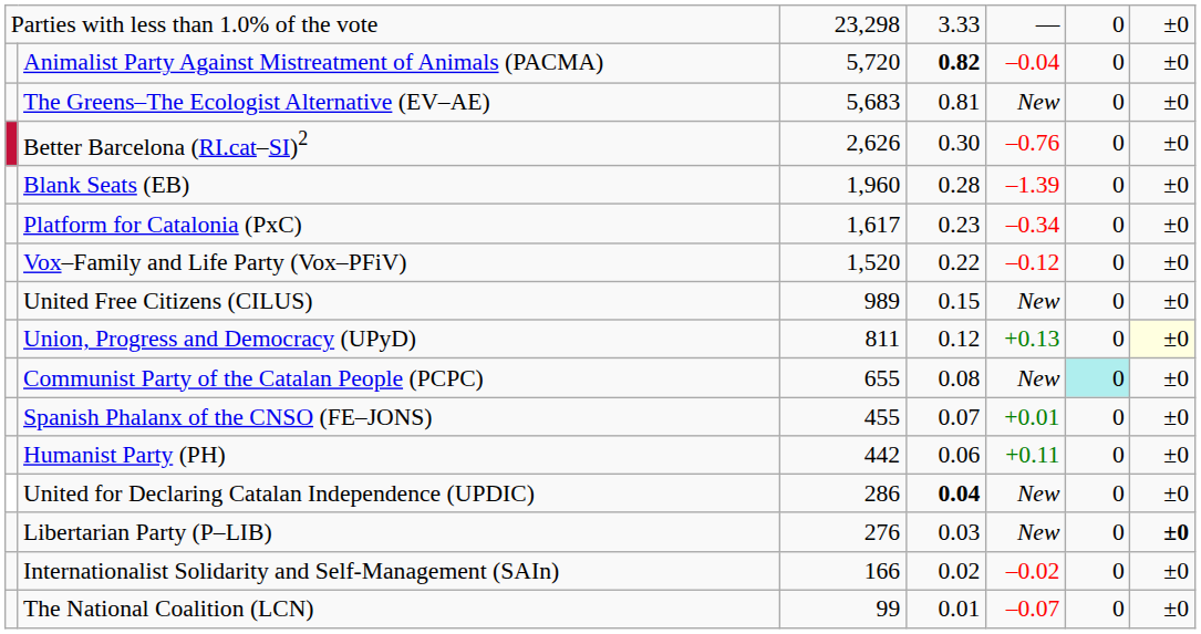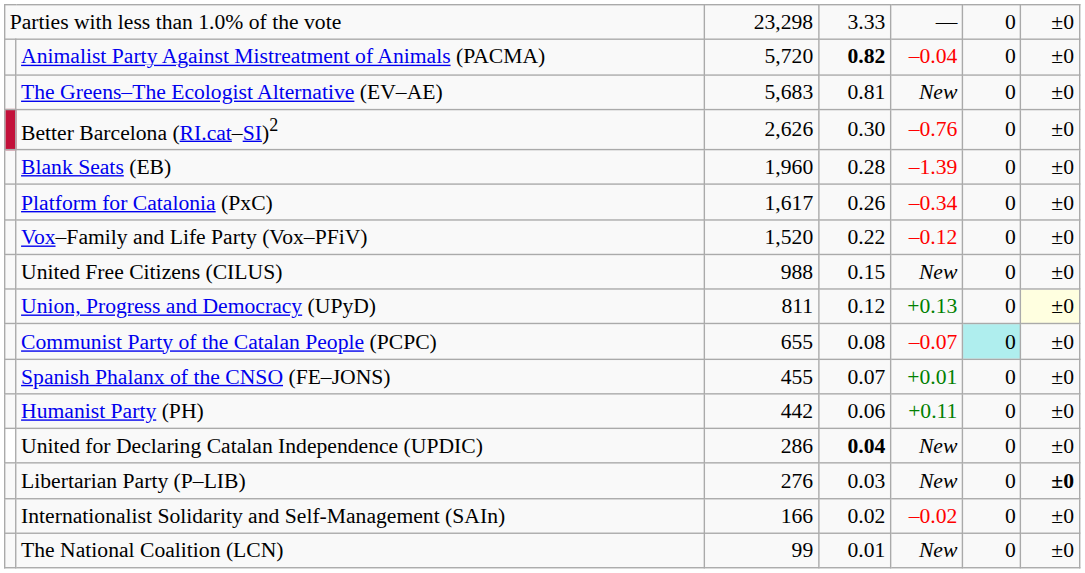 <table class="wikitable collapsible collapsed" style="text-align:right; font-size:98%; border:0px; margin-top:-1px; margin-bottom:0">
 <tr>
 <th style="text-align:left; font-weight:normal; background:#F9F9F9" colspan="2" width="500">Parties with less than 1.0% of the vote</th>
 <td width="75">23,298</td>
 <td width="45">3.33</td>
 <td width="45">—</td>
 <td width="35">0</td>
 <td width="35">±0</td>
 </tr>
 <tr>
 <td width="1" style="color:inherit;background:"></td>
 <td align="left"><a href='#'>Animalist Party Against Mistreatment of Animals</a> (PACMA)</td>
 <td>5,720</td>
 <td><strong>0.82</strong></td>
 <td style="color:red;">–0.04</td>
 <td>0</td>
 <td>±0</td>
 </tr>
 <tr>
 <td style="color:inherit;background:"></td>
 <td align="left"><a href='#'>The Greens–The Ecologist Alternative</a> (EV–AE)</td>
 <td>5,683</td>
 <td>0.81</td>
 <td><em>New</em></td>
 <td>0</td>
 <td>±0</td>
 </tr>
 <tr>
 <td style="color:inherit;background:#C3103A"></td>
 <td align="left">Better Barcelona (<a href='#'>RI.cat</a>–<a href='#'>SI</a>)<sup>2</sup></td>
 <td>2,626</td>
 <td>0.30</td>
 <td style="color:red;">–0.76</td>
 <td>0</td>
 <td>±0</td>
 </tr>
 <tr>
 <td style="color:inherit;background:"></td>
 <td align="left"><a href='#'>Blank Seats</a> (EB)</td>
 <td>1,960</td>
 <td>0.28</td>
 <td style="color:red;">–1.39</td>
 <td>0</td>
 <td>±0</td>
 </tr>
 <tr>
 <td style="color:inherit;background:"></td>
 <td align="left"><a href='#'>Platform for Catalonia</a> (PxC)</td>
 <td>1,617</td>
-<td>0.23</td>
+<td>0.26</td>
 <td style="color:red;">–0.34</td>
 <td>0</td>
 <td>±0</td>
 </tr>
 <tr>
 <td style="color:inherit;background:"></td>
 <td align="left"><a href='#'>Vox</a>–Family and Life Party (Vox–PFiV)</td>
 <td>1,520</td>
 <td>0.22</td>
 <td style="color:red;">–0.12</td>
 <td>0</td>
 <td>±0</td>
 </tr>
 <tr>
 <td style="color:inherit;background:"></td>
 <td align="left">United Free Citizens (CILUS)</td>
-<td>989</td>
+<td>988</td>
 <td>0.15</td>
 <td><em>New</em></td>
 <td>0</td>
 <td>±0</td>
 </tr>
 <tr>
 <td style="color:inherit;background:"></td>
 <td align="left"><a href='#'>Union, Progress and Democracy</a> (UPyD)</td>
 <td>811</td>
 <td>0.12</td>
 <td style="color:green;">+0.13</td>
 <td>0</td>
 <td style="background: lightyellow;">±0</td>
 </tr>
 <tr>
 <td style="color:inherit;background:"></td>
 <td align="left"><a href='#'>Communist Party of the Catalan People</a> (PCPC)</td>
 <td>655</td>
 <td>0.08</td>
-<td><em>New</em></td>
+<td style="color:red;">–0.07</td>
 <td style="background: paleturquoise;">0</td>
 <td>±0</td>
 </tr>
 <tr>
 <td style="color:inherit;background:"></td>
 <td align="left"><a href='#'>Spanish Phalanx of the CNSO</a> (FE–JONS)</td>
 <td>455</td>
 <td>0.07</td>
 <td style="color:green;">+0.01</td>
 <td>0</td>
 <td>±0</td>
 </tr>
 <tr>
 <td style="color:inherit;background:"></td>
 <td align="left"><a href='#'>Humanist Party</a> (PH)</td>
 <td>442</td>
 <td>0.06</td>
 <td style="color:green;">+0.11</td>
 <td>0</td>
 <td>±0</td>
 </tr>
 <tr>
 <td bgcolor="white"></td>
 <td align="left">United for Declaring Catalan Independence (UPDIC)</td>
 <td>286</td>
 <td><strong>0.04</strong></td>
 <td><em>New</em></td>
 <td>0</td>
 <td>±0</td>
 </tr>
 <tr>
 <td style="color:inherit;background:"></td>
 <td align="left">Libertarian Party (P–LIB)</td>
 <td>276</td>
 <td>0.03</td>
 <td><em>New</em></td>
 <td>0</td>
 <td><strong>±0</strong></td>
 </tr>
 <tr>
 <td style="color:inherit;background:"></td>
 <td align="left">Internationalist Solidarity and Self-Management (SAIn)</td>
 <td>166</td>
 <td>0.02</td>
 <td style="color:red;">–0.02</td>
 <td>0</td>
 <td>±0</td>
 </tr>
 <tr>
 <td style="color:inherit;background:"></td>
 <td align="left">The National Coalition (LCN)</td>
 <td>99</td>
 <td>0.01</td>
-<td style="color:red;">–0.07</td>
+<td><em>New</em></td>
 <td>0</td>
 <td>±0</td>
 </tr>
 </table>
